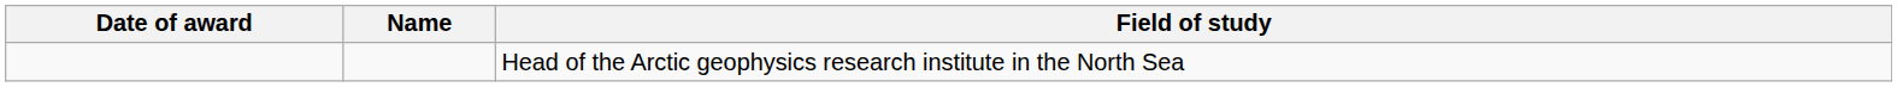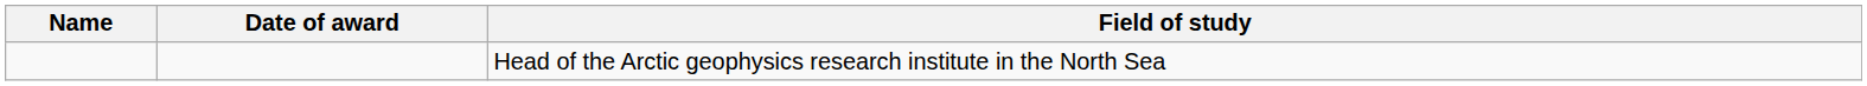 <table class="wikitable sortable" width="100%">
 <tr>
+<th>Name</th>
 <th>Date of award</th>
-<th>Name</th>
 <th>Field of study</th>
 </tr>
 <tr>
+<td><strong></strong><br></td>
 <td></td>
-<td><strong></strong><br></td>
 <td>Head of the Arctic geophysics research institute in the North Sea</td>
 </tr>
 </table>
